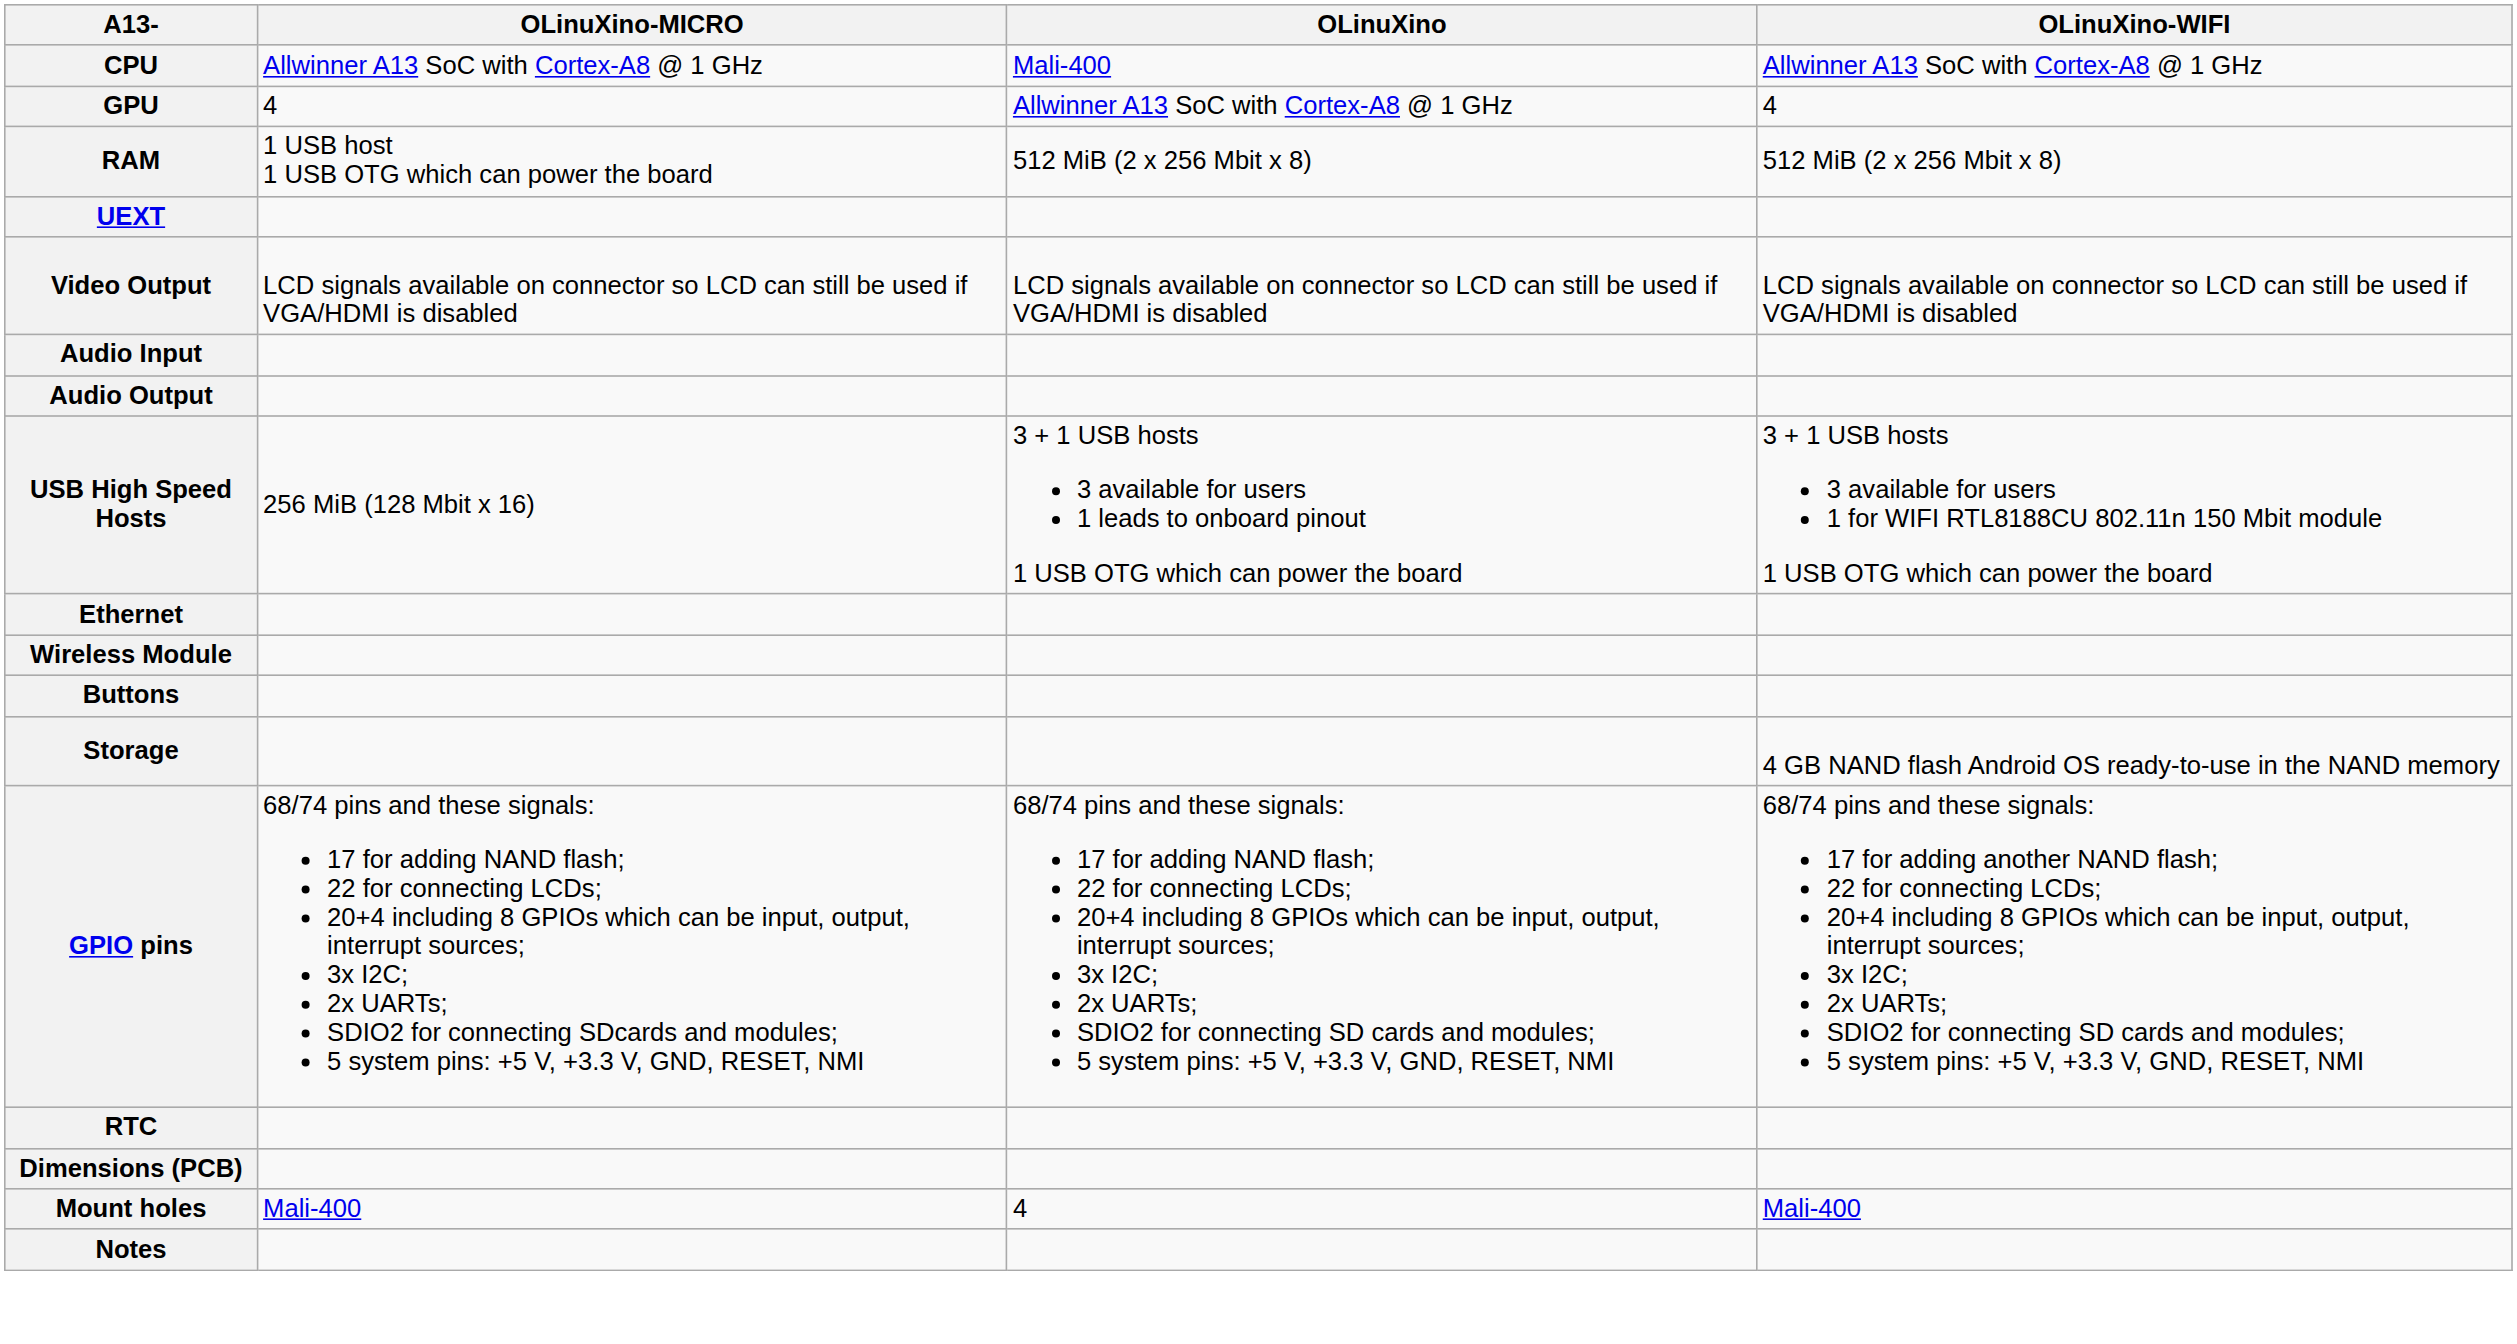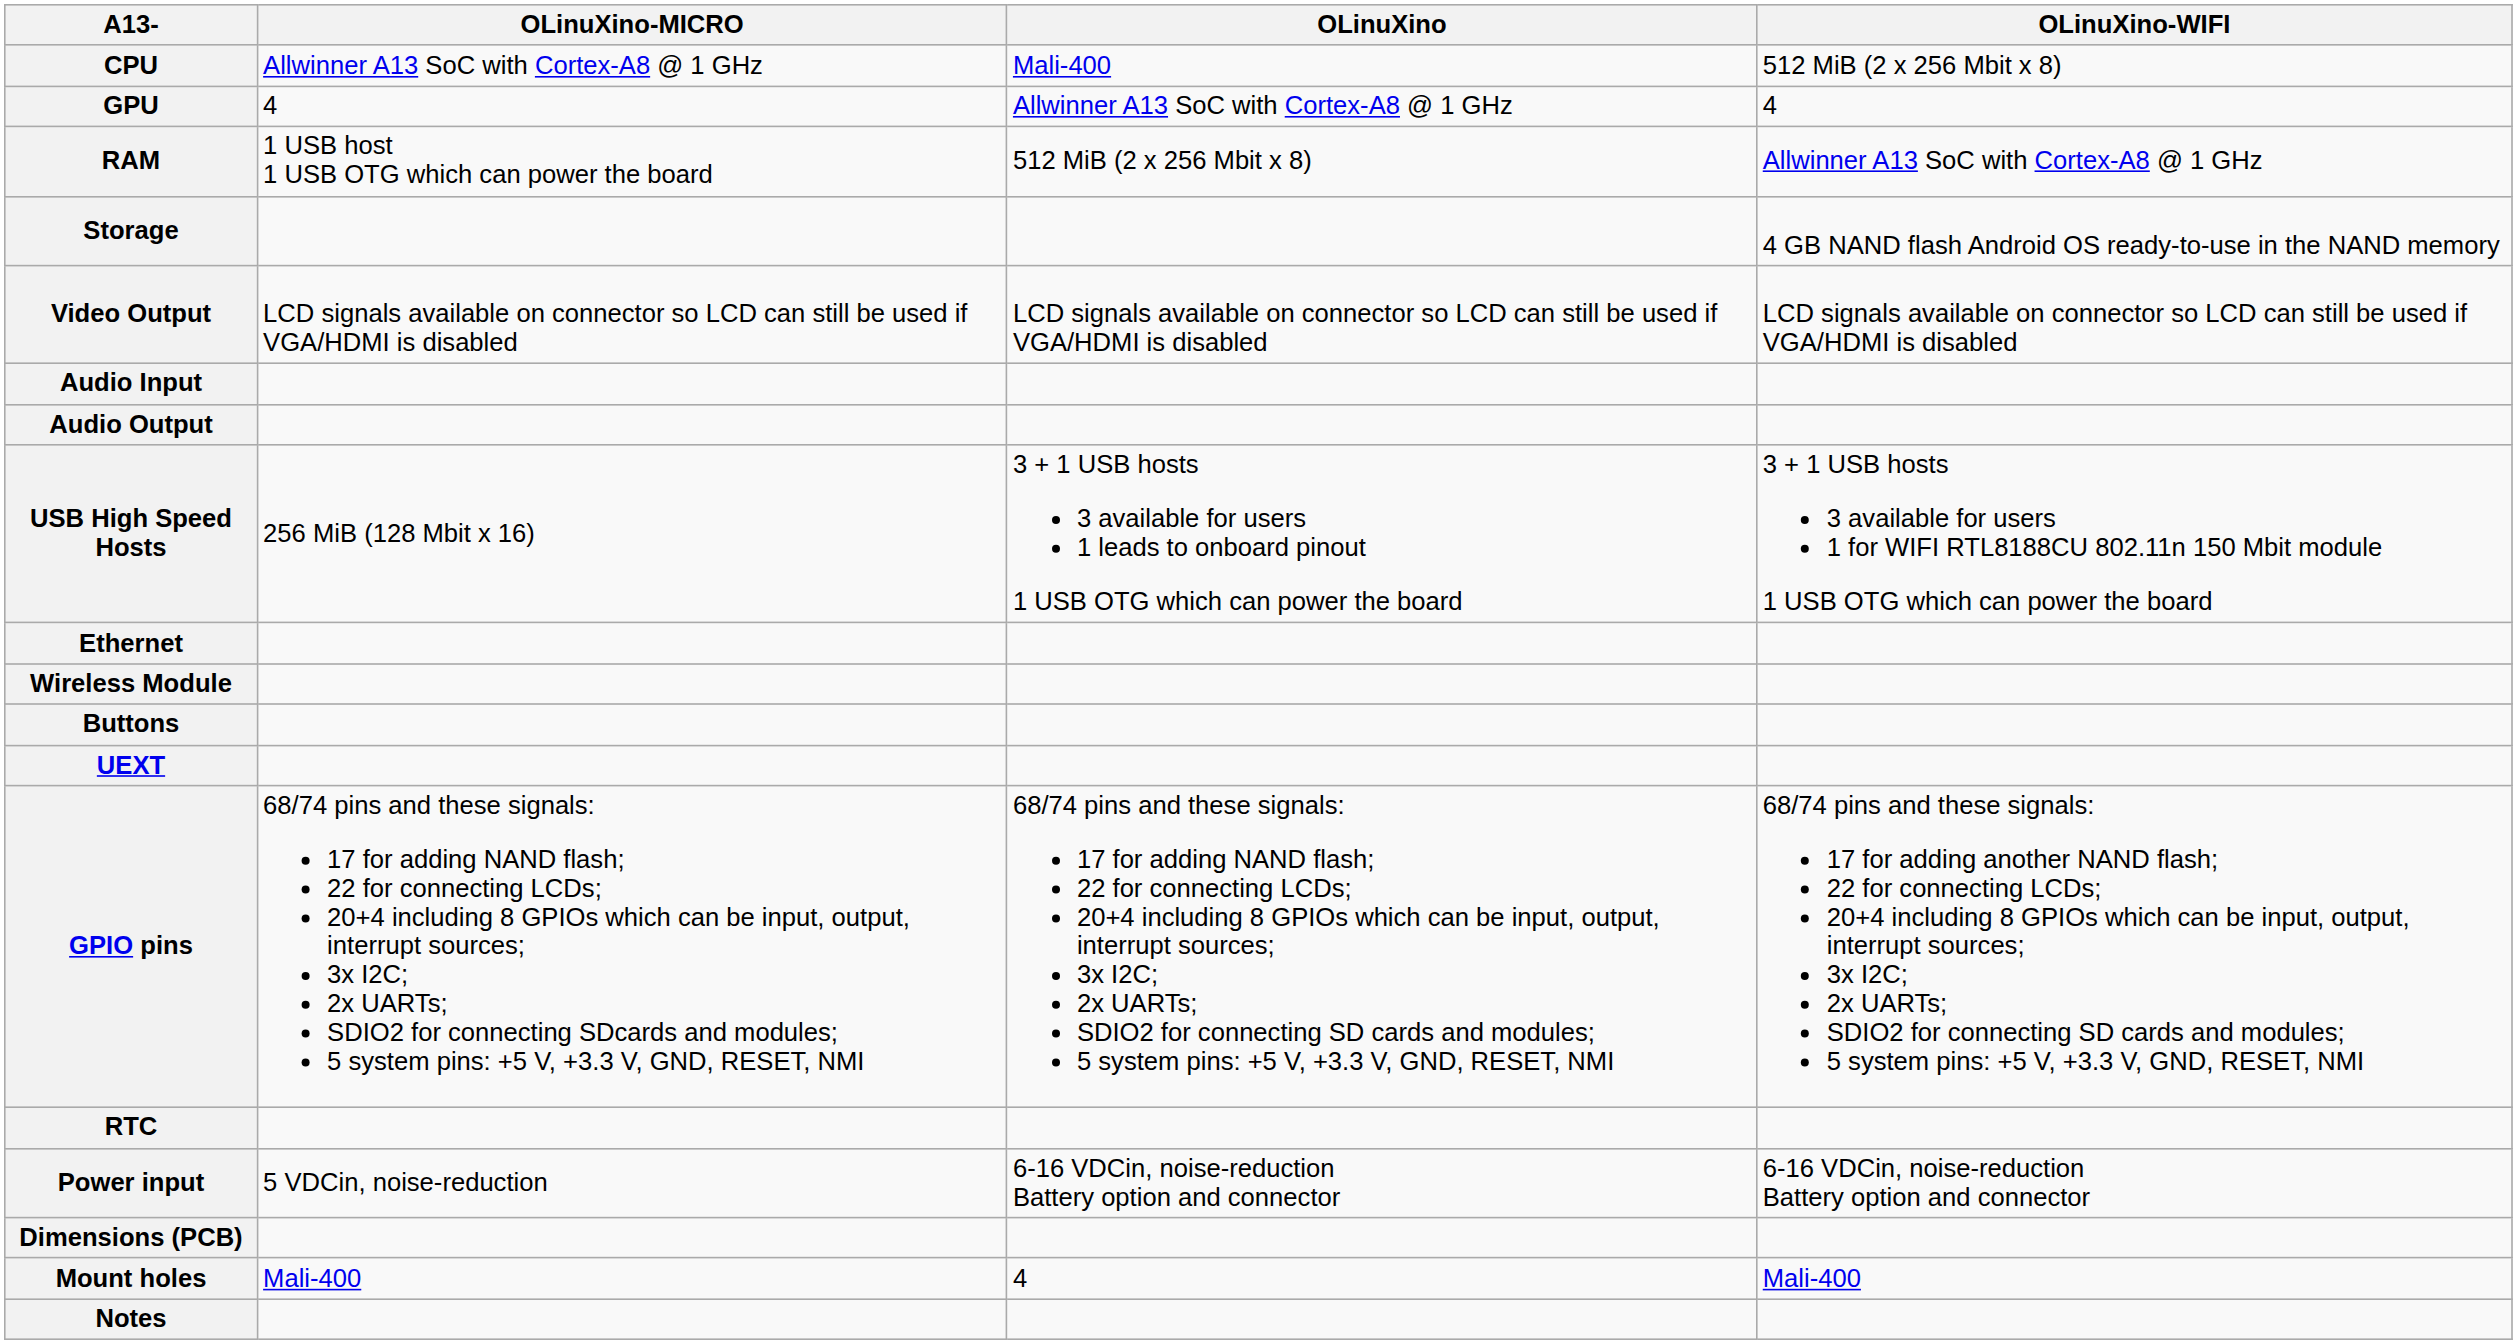 <table class="wikitable">
 <tr>
 <th>A13-</th>
 <th>OLinuXino-MICRO</th>
 <th>OLinuXino</th>
 <th>OLinuXino-WIFI</th>
 </tr>
 <tr>
 <th>CPU</th>
 <td><a href='#'>Allwinner A13</a> SoC with <a href='#'>Cortex-A8</a> @ 1 GHz</td>
 <td><a href='#'>Mali-400</a></td>
-<td><a href='#'>Allwinner A13</a> SoC with <a href='#'>Cortex-A8</a> @ 1 GHz</td>
+<td>512 MiB (2 x 256 Mbit x 8)</td>
 </tr>
 <tr>
 <th>GPU</th>
 <td>4</td>
 <td><a href='#'>Allwinner A13</a> SoC with <a href='#'>Cortex-A8</a> @ 1 GHz</td>
 <td>4</td>
 </tr>
 <tr>
 <th>RAM</th>
 <td>1 USB host<br>1 USB OTG which can power the board</td>
 <td>512 MiB (2 x 256 Mbit x 8)</td>
-<td>512 MiB (2 x 256 Mbit x 8)</td>
+<td><a href='#'>Allwinner A13</a> SoC with <a href='#'>Cortex-A8</a> @ 1 GHz</td>
 </tr>
 <tr>
-<th><a href='#'>UEXT</a></th>
+<th>Storage</th>
 <td></td>
 <td></td>
-<td></td>
+<td><br>4 GB NAND flash Android OS ready-to-use in the NAND memory</td>
 </tr>
 <tr>
 <th>Video Output</th>
 <td><br>LCD signals available on connector so LCD can still be used if VGA/HDMI is disabled</td>
 <td><br>LCD signals available on connector so LCD can still be used if VGA/HDMI is disabled</td>
 <td><br>LCD signals available on connector so LCD can still be used if VGA/HDMI is disabled</td>
 </tr>
 <tr>
 <th>Audio Input</th>
 <td></td>
 <td></td>
 <td></td>
 </tr>
 <tr>
 <th>Audio Output</th>
 <td></td>
 <td></td>
 <td></td>
 </tr>
 <tr>
 <th>USB High Speed Hosts</th>
 <td>256 MiB (128 Mbit x 16)</td>
 <td>3 + 1 USB hosts<br><ul><li>3 available for users</li><li>1 leads to onboard pinout</li></ul>1 USB OTG which can power the board</td>
 <td>3 + 1 USB hosts<br><ul><li>3 available for users</li><li>1 for WIFI RTL8188CU 802.11n 150 Mbit module</li></ul>1 USB OTG which can power the board</td>
 </tr>
 <tr>
 <th>Ethernet</th>
 <td></td>
 <td></td>
 <td></td>
 </tr>
 <tr>
 <th>Wireless Module</th>
 <td></td>
 <td></td>
 <td></td>
 </tr>
 <tr>
 <th>Buttons</th>
 <td></td>
 <td></td>
 <td></td>
 </tr>
 <tr>
-<th>Storage</th>
+<th><a href='#'>UEXT</a></th>
 <td></td>
 <td></td>
-<td><br>4 GB NAND flash Android OS ready-to-use in the NAND memory</td>
+<td></td>
 </tr>
 <tr>
 <th><a href='#'>GPIO</a> pins</th>
 <td>68/74 pins and these signals:<br><ul><li>17 for adding NAND flash;</li><li>22 for connecting LCDs;</li><li>20+4 including 8 GPIOs which can be input, output, interrupt sources;</li><li>3x I2C;</li><li>2x UARTs;</li><li>SDIO2 for connecting SDcards and modules;</li><li>5 system pins: +5 V, +3.3 V, GND, RESET, NMI</li></ul></td>
 <td>68/74 pins and these signals:<br><ul><li>17 for adding NAND flash;</li><li>22 for connecting LCDs;</li><li>20+4 including 8 GPIOs which can be input, output, interrupt sources;</li><li>3x I2C;</li><li>2x UARTs;</li><li>SDIO2 for connecting SD cards and modules;</li><li>5 system pins: +5 V, +3.3 V, GND, RESET, NMI</li></ul></td>
 <td>68/74 pins and these signals:<br><ul><li>17 for adding another NAND flash;</li><li>22 for connecting LCDs;</li><li>20+4 including 8 GPIOs which can be input, output, interrupt sources;</li><li>3x I2C;</li><li>2x UARTs;</li><li>SDIO2 for connecting SD cards and modules;</li><li>5 system pins: +5 V, +3.3 V, GND, RESET, NMI</li></ul></td>
 </tr>
 <tr>
 <th>RTC</th>
 <td></td>
 <td></td>
 <td></td>
+</tr>
+<tr>
+<th>Power input</th>
+<td>5 VDCin, noise-reduction</td>
+<td>6-16 VDCin, noise-reduction<br>Battery option and connector</td>
+<td>6-16 VDCin, noise-reduction<br>Battery option and connector</td>
 </tr>
 <tr>
 <th>Dimensions (PCB)</th>
 <td></td>
 <td></td>
 <td></td>
 </tr>
 <tr>
 <th>Mount holes</th>
 <td><a href='#'>Mali-400</a></td>
 <td>4</td>
 <td><a href='#'>Mali-400</a></td>
 </tr>
 <tr>
 <th>Notes</th>
 <td></td>
 <td></td>
 <td></td>
 </tr>
 </table>
